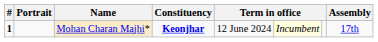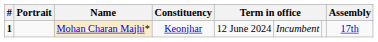 <table class="wikitable plainrowheaders" style="text-align:center">
 <tr align=center>
 <th>#</th>
 <th>Portrait</th>
 <th>Name</th>
 <th>Constituency</th>
 <th colspan="3">Term in office</th>
 <th>Assembly</th>
 </tr>
 <tr align="center">
 <td><strong>1</strong></td>
 <td></td>
 <td style="background:#faecc8;text-align:center;"><a href='#'>Mohan Charan Majhi</a>*</td>
-<td><strong><a href='#'>Keonjhar</a></strong></td>
+<td><a href='#'>Keonjhar</a></td>
 <td>12 June 2024</td>
-<td style="background: lightyellow;"><em>Incumbent</em></td>
+<td><em>Incumbent</em></td>
 <td rowspan="2"></td>
 <td><a href='#'>17th</a></td>
 </tr>
 </table>
